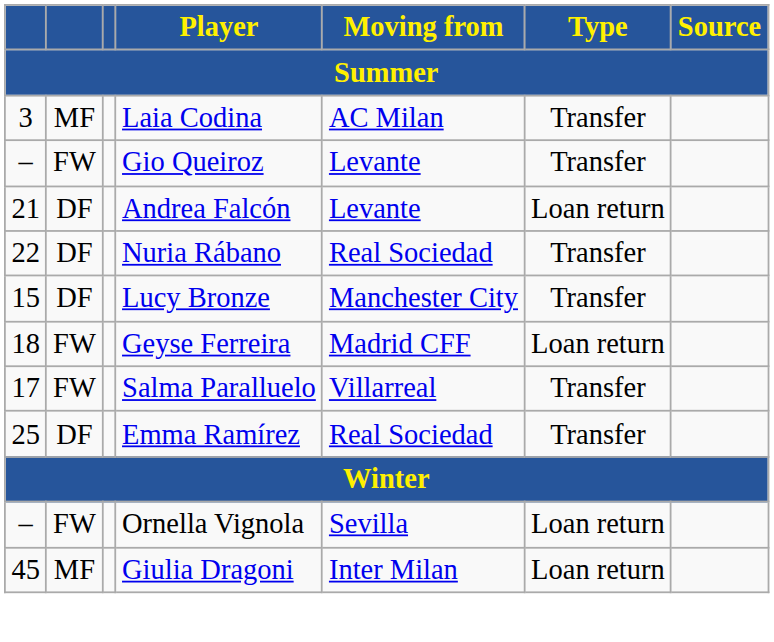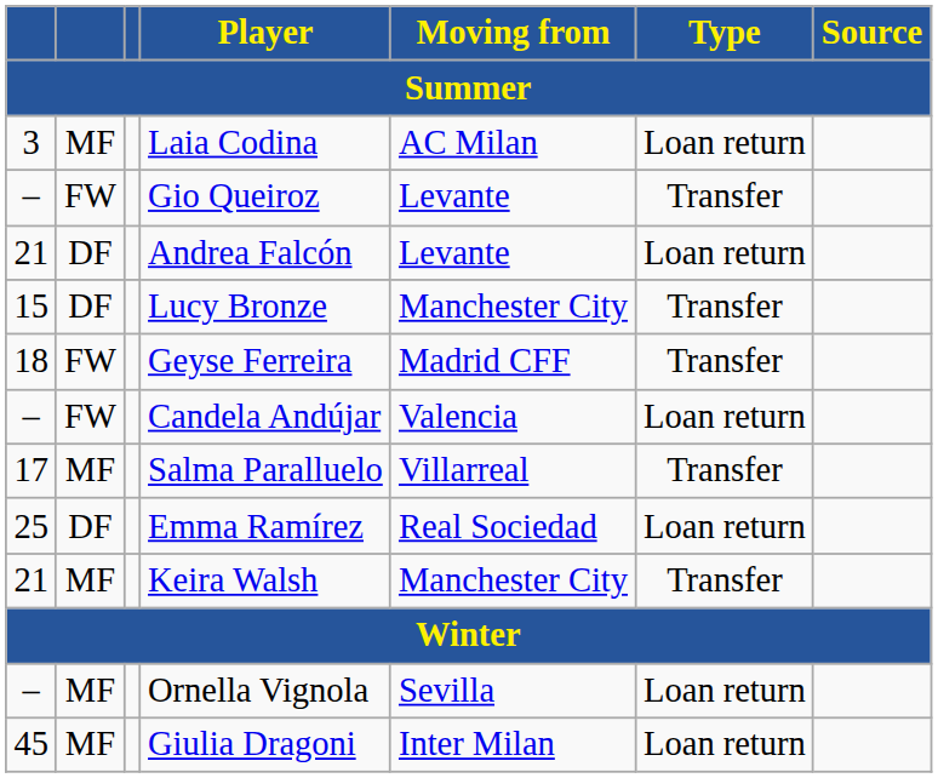 <table class="wikitable plainrowheaders sortable" style="text-align:center">
 <tr>
 <th style="background:#26559B; color:#FFF000; "></th>
 <th style="background:#26559B; color:#FFF000; "></th>
 <th style="background:#26559B; color:#FFF000; "></th>
 <th style="background:#26559B; color:#FFF000; ">Player</th>
 <th style="background:#26559B; color:#FFF000; ">Moving from</th>
 <th style="background:#26559B; color:#FFF000; ">Type</th>
 <th style="background:#26559B; color:#FFF000; ">Source</th>
 </tr>
 <tr>
 <th colspan=7 style="background:#26559B; color:#FFF000; ">Summer</th>
 </tr>
 <tr>
 <td>3</td>
 <td>MF</td>
 <td></td>
 <td style="text-align:left"><a href='#'>Laia Codina</a></td>
 <td style="text-align:left"> <a href='#'>AC Milan</a></td>
-<td>Transfer</td>
+<td>Loan return</td>
 <td></td>
 </tr>
 <tr>
 <td>–</td>
 <td>FW</td>
 <td></td>
 <td style="text-align:left"><a href='#'>Gio Queiroz</a></td>
 <td style="text-align:left"><a href='#'>Levante</a></td>
 <td>Transfer</td>
 <td></td>
 </tr>
 <tr>
 <td>21</td>
 <td>DF</td>
 <td></td>
 <td style="text-align:left"><a href='#'>Andrea Falcón</a></td>
 <td style="text-align:left"><a href='#'>Levante</a></td>
 <td>Loan return</td>
 <td></td>
 </tr>
 <tr>
-<td>22</td>
-<td>DF</td>
-<td></td>
-<td style="text-align:left"><a href='#'>Nuria Rábano</a></td>
-<td style="text-align:left"><a href='#'>Real Sociedad</a></td>
-<td>Transfer</td>
-<td></td>
-</tr>
-<tr>
 <td>15</td>
 <td>DF</td>
 <td></td>
 <td style="text-align:left"><a href='#'>Lucy Bronze</a></td>
 <td style="text-align:left"> <a href='#'>Manchester City</a></td>
 <td>Transfer</td>
 <td></td>
 </tr>
 <tr>
 <td>18</td>
 <td>FW</td>
 <td></td>
 <td style="text-align:left"><a href='#'>Geyse Ferreira</a></td>
 <td style="text-align:left"><a href='#'>Madrid CFF</a></td>
+<td>Transfer</td>
+<td></td>
+</tr>
+<tr>
+<td>–</td>
+<td>FW</td>
+<td></td>
+<td style="text-align:left"><a href='#'>Candela Andújar</a></td>
+<td style="text-align:left"><a href='#'>Valencia</a></td>
 <td>Loan return</td>
 <td></td>
 </tr>
 <tr>
 <td>17</td>
-<td>FW</td>
+<td>MF</td>
 <td></td>
 <td style="text-align:left"><a href='#'>Salma Paralluelo</a></td>
 <td style="text-align:left"><a href='#'>Villarreal</a></td>
 <td>Transfer</td>
 <td></td>
 </tr>
 <tr>
 <td>25</td>
 <td>DF</td>
 <td></td>
 <td style="text-align:left"><a href='#'>Emma Ramírez</a></td>
 <td style="text-align:left"><a href='#'>Real Sociedad</a></td>
+<td>Loan return</td>
+<td></td>
+</tr>
+<tr>
+<td>21</td>
+<td>MF</td>
+<td></td>
+<td style="text-align:left"><a href='#'>Keira Walsh</a></td>
+<td style="text-align:left"> <a href='#'>Manchester City</a></td>
 <td>Transfer</td>
 <td></td>
 </tr>
 <tr>
 <th colspan=7 style="background:#26559B; color:#FFF000; ">Winter</th>
 </tr>
 <tr>
 <td>–</td>
-<td>FW</td>
+<td>MF</td>
 <td></td>
 <td style="text-align:left">Ornella Vignola</td>
 <td style="text-align:left"><a href='#'>Sevilla</a></td>
 <td>Loan return</td>
 <td></td>
 </tr>
 <tr>
 <td>45</td>
 <td>MF</td>
 <td></td>
 <td style="text-align:left"><a href='#'>Giulia Dragoni</a></td>
 <td style="text-align:left"> <a href='#'>Inter Milan</a></td>
 <td>Loan return</td>
 <td></td>
 </tr>
 </table>
